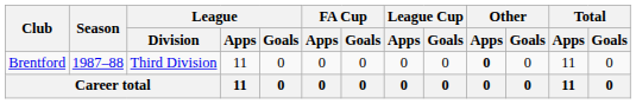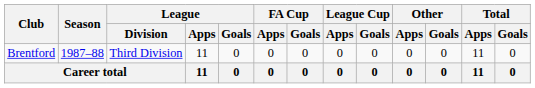 <table class="wikitable" style="text-align: center;">
 <tr>
 <th rowspan="2">Club</th>
 <th rowspan="2">Season</th>
 <th colspan="3">League</th>
 <th colspan="2">FA Cup</th>
 <th colspan="2">League Cup</th>
 <th colspan="2">Other</th>
 <th colspan="2">Total</th>
 </tr>
 <tr>
 <th>Division</th>
 <th>Apps</th>
 <th>Goals</th>
 <th>Apps</th>
 <th>Goals</th>
 <th>Apps</th>
 <th>Goals</th>
 <th>Apps</th>
 <th>Goals</th>
 <th>Apps</th>
 <th>Goals</th>
 </tr>
 <tr>
 <td><a href='#'>Brentford</a></td>
 <td><a href='#'>1987–88</a></td>
 <td><a href='#'>Third Division</a></td>
 <td>11</td>
 <td>0</td>
 <td>0</td>
 <td>0</td>
 <td>0</td>
 <td>0</td>
-<td><strong>0</strong></td>
+<td>0</td>
 <td>0</td>
 <td>11</td>
 <td>0</td>
 </tr>
 <tr>
 <th colspan="3">Career total</th>
 <th>11</th>
 <th>0</th>
 <th>0</th>
 <th>0</th>
 <th>0</th>
 <th>0</th>
 <th>0</th>
 <th>0</th>
 <th>11</th>
 <th>0</th>
 </tr>
 </table>
